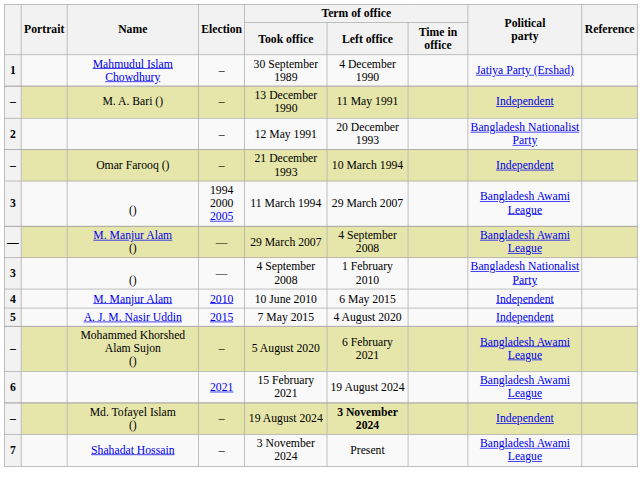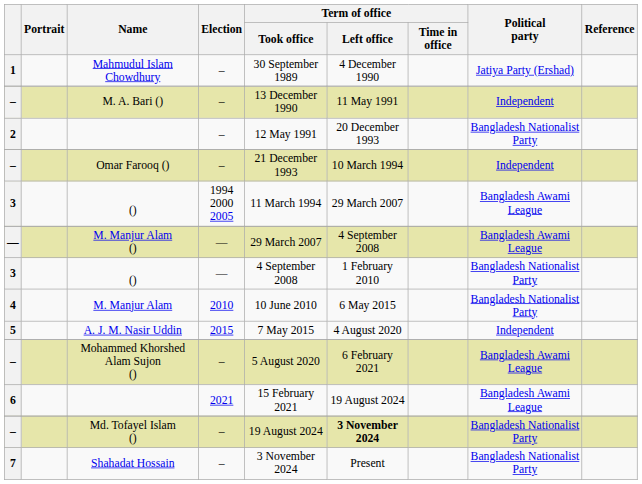 <table class="wikitable" style="text-align:center">
 <tr>
 <th rowspan="2"></th>
 <th rowspan="2">Portrait</th>
 <th rowspan="2">Name<br></th>
 <th rowspan="2">Election</th>
 <th colspan="3"><strong>Term of office</strong></th>
 <th rowspan="2"><strong>Political<br> party</strong></th>
 <th rowspan="2"><strong>Reference</strong></th>
 </tr>
 <tr>
 <th><strong>Took office</strong></th>
 <th><strong>Left office</strong></th>
 <th><strong>Time in office</strong></th>
 </tr>
 <tr>
 <th style="background:">1</th>
 <td align=center></td>
 <td><a href='#'>Mahmudul Islam Chowdhury</a></td>
 <td>–</td>
 <td align=center>30 September 1989</td>
 <td align=center>4 December 1990</td>
 <td></td>
 <td><a href='#'>Jatiya Party (Ershad)</a></td>
 <td></td>
 </tr>
 <tr>
 </tr>
 <tr style="background:#e6e6aa;">
 <th style="background:">–</th>
 <td align=center></td>
 <td>M. A. Bari ()</td>
 <td>–</td>
 <td align=center>13 December 1990</td>
 <td align=center>11 May 1991</td>
 <td></td>
 <td><a href='#'>Independent</a></td>
 <td></td>
 </tr>
 <tr>
 <th style="background:">2</th>
 <td align=center></td>
 <td></td>
 <td>–</td>
 <td align=center>12 May 1991</td>
 <td align=center>20 December 1993</td>
 <td></td>
 <td><a href='#'>Bangladesh Nationalist Party</a></td>
 <td></td>
 </tr>
 <tr>
 </tr>
 <tr style="background:#e6e6aa;">
 <th style="background:">–</th>
 <td align=center></td>
 <td>Omar Farooq ()</td>
 <td>–</td>
 <td align=center>21 December 1993</td>
 <td align=center>10 March 1994</td>
 <td></td>
 <td><a href='#'>Independent</a></td>
 <td></td>
 </tr>
 <tr>
 <th style="background:">3</th>
 <td align=center></td>
 <td><br>()</td>
 <td>1994<br>2000<br><a href='#'>2005</a></td>
 <td align=center>11 March 1994</td>
 <td align=center>29 March 2007</td>
 <td></td>
 <td><a href='#'>Bangladesh Awami League</a></td>
 <td></td>
 </tr>
 <tr>
 </tr>
 <tr style="background:#e6e6aa;">
 <th style="background:">—</th>
 <td align=center></td>
 <td><a href='#'>M. Manjur Alam</a><br>()</td>
 <td>—</td>
 <td align=center>29 March 2007</td>
 <td align=center>4 September 2008</td>
 <td></td>
 <td><a href='#'>Bangladesh Awami League</a></td>
 <td></td>
 </tr>
 <tr>
 <th style="background:">3</th>
 <td align=center></td>
 <td><br>()</td>
 <td>—</td>
 <td align=center>4 September 2008</td>
 <td align=center>1 February 2010</td>
 <td></td>
 <td><a href='#'>Bangladesh Nationalist Party</a></td>
 <td></td>
 </tr>
 <tr>
 <th style="background:">4</th>
 <td align=center></td>
 <td><a href='#'>M. Manjur Alam</a></td>
 <td><a href='#'>2010</a></td>
 <td align=center>10 June 2010</td>
 <td align=center>6 May 2015</td>
 <td></td>
-<td><a href='#'>Independent</a></td>
+<td><a href='#'>Bangladesh Nationalist Party</a></td>
 <td></td>
 </tr>
 <tr>
 <th style="background:">5</th>
 <td align=center></td>
 <td><a href='#'>A. J. M. Nasir Uddin</a></td>
 <td><a href='#'>2015</a></td>
 <td align=center>7 May 2015</td>
 <td align=center>4 August 2020</td>
 <td></td>
 <td><a href='#'>Independent</a></td>
 <td></td>
 </tr>
 <tr>
 </tr>
 <tr style="background:#e6e6aa;">
 <th style="background:">–</th>
 <td align=center></td>
 <td>Mohammed Khorshed Alam Sujon<br>()</td>
 <td>–</td>
 <td align=center>5 August 2020</td>
 <td align=center>6 February 2021</td>
 <td></td>
 <td><a href='#'>Bangladesh Awami League</a></td>
 <td></td>
 </tr>
 <tr>
 <th style="background:">6</th>
 <td align=center></td>
 <td></td>
 <td><a href='#'>2021</a></td>
 <td align=center>15 February 2021</td>
 <td align=center>19 August 2024</td>
 <td></td>
 <td><a href='#'>Bangladesh Awami League</a></td>
 <td></td>
 </tr>
 <tr>
 </tr>
 <tr style="background:#e6e6aa;">
 <th style="background:">–</th>
 <td align=center></td>
 <td>Md. Tofayel Islam<br>()</td>
 <td>–</td>
 <td align=center>19 August 2024</td>
 <td align=center><strong>3 November 2024</strong></td>
 <td></td>
-<td><a href='#'>Independent</a></td>
+<td><a href='#'>Bangladesh Nationalist Party</a></td>
 <td></td>
 </tr>
 <tr>
 <th style="background:">7</th>
 <td align=center></td>
 <td><a href='#'>Shahadat Hossain</a></td>
 <td>–</td>
 <td align=center>3 November 2024</td>
 <td align=center>Present</td>
 <td></td>
-<td><a href='#'>Bangladesh Awami League</a></td>
+<td><a href='#'>Bangladesh Nationalist Party</a></td>
 <td></td>
 </tr>
 </table>
